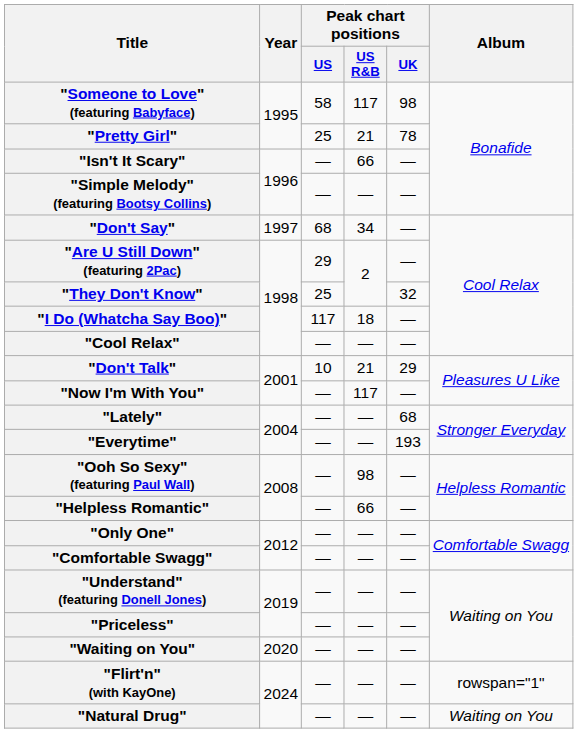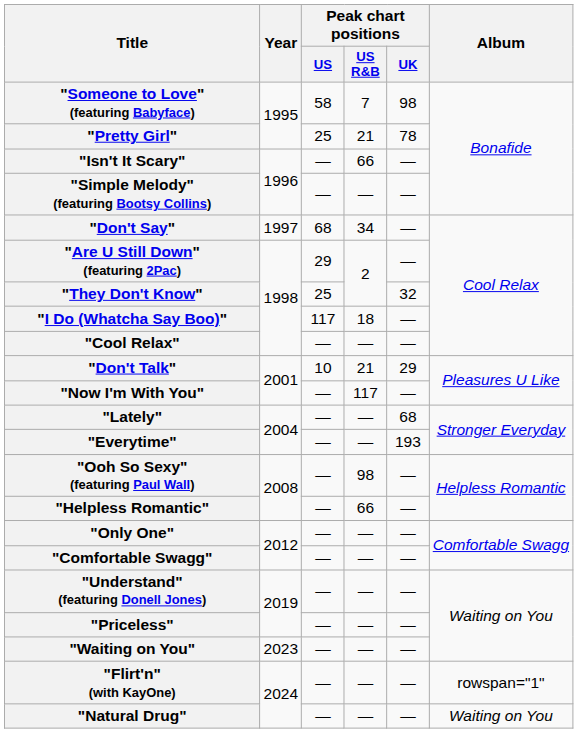 <table class="wikitable plainrowheaders" style="text-align: center;" border="1">
 <tr>
 <th scope="col" rowspan="2" style="width:16em;">Title</th>
 <th scope="col" rowspan="2" style="width:1em;">Year</th>
 <th scope="col" colspan="3">Peak chart positions</th>
 <th scope="col" rowspan="2">Album</th>
 </tr>
 <tr>
 <th scope="col" style="width:2.75em;font-size:85%;"><a href='#'>US</a><br></th>
 <th scope="col" style="width:2.75em;font-size:85%;"><a href='#'>US <br> R&B</a><br></th>
 <th scope="col" style="width:2.75em;font-size:85%;"><a href='#'>UK</a><br></th>
 </tr>
 <tr>
 <th scope="row">"<a href='#'>Someone to Love</a>" <br><small>(featuring <a href='#'>Babyface</a>)</small></th>
 <td rowspan="2">1995</td>
 <td>58</td>
-<td>117</td>
+<td>7</td>
 <td>98</td>
 <td rowspan="4"><em><a href='#'>Bonafide</a></em></td>
 </tr>
 <tr>
 <th scope="row">"<a href='#'>Pretty Girl</a>"</th>
 <td>25</td>
 <td>21</td>
 <td>78</td>
 </tr>
 <tr>
 <th scope="row">"Isn't It Scary"</th>
 <td rowspan="2" style="text-align:center;">1996</td>
 <td>—</td>
 <td>66</td>
 <td>—</td>
 </tr>
 <tr>
 <th scope="row">"Simple Melody" <br> <small>(featuring <a href='#'>Bootsy Collins</a>)</small></th>
 <td>—</td>
 <td>—</td>
 <td>—</td>
 </tr>
 <tr>
 <th scope="row">"<a href='#'>Don't Say</a>"</th>
 <td>1997</td>
 <td>68</td>
 <td>34</td>
 <td>—</td>
 <td rowspan="5"><em><a href='#'>Cool Relax</a></em></td>
 </tr>
 <tr>
 <th scope="row">"<a href='#'>Are U Still Down</a>" <br><small>(featuring <a href='#'>2Pac</a>)</small></th>
 <td rowspan="4">1998</td>
 <td>29 </td>
 <td rowspan="2">2</td>
 <td>—</td>
 </tr>
 <tr>
 <th scope="row">"<a href='#'>They Don't Know</a>"</th>
 <td>25</td>
 <td>32</td>
 </tr>
 <tr>
 <th scope="row">"<a href='#'>I Do (Whatcha Say Boo)</a>"</th>
 <td>117</td>
 <td>18</td>
 <td>—</td>
 </tr>
 <tr>
 <th scope="row">"Cool Relax"</th>
 <td>—</td>
 <td>—</td>
 <td>—</td>
 </tr>
 <tr>
 <th scope="row">"<a href='#'>Don't Talk</a>"</th>
 <td rowspan="2">2001</td>
 <td>10</td>
 <td>21</td>
 <td>29</td>
 <td rowspan="2"><em><a href='#'>Pleasures U Like</a></em></td>
 </tr>
 <tr>
 <th scope="row">"Now I'm With You"</th>
 <td>—</td>
 <td>117</td>
 <td>—</td>
 </tr>
 <tr>
 <th scope="row">"Lately"</th>
 <td rowspan="2">2004</td>
 <td>—</td>
 <td>—</td>
 <td>68</td>
 <td rowspan="2"><em><a href='#'>Stronger Everyday</a></em></td>
 </tr>
 <tr>
 <th scope="row">"Everytime"</th>
 <td>—</td>
 <td>—</td>
 <td>193</td>
 </tr>
 <tr>
 <th scope="row">"Ooh So Sexy" <br><small>(featuring <a href='#'>Paul Wall</a>)</small></th>
 <td rowspan="2">2008</td>
 <td>—</td>
 <td>98</td>
 <td>—</td>
 <td rowspan="2"><em><a href='#'>Helpless Romantic</a></em></td>
 </tr>
 <tr>
 <th scope="row">"Helpless Romantic"</th>
 <td>—</td>
 <td>66</td>
 <td>—</td>
 </tr>
 <tr>
 <th scope="row">"Only One"</th>
 <td rowspan="2">2012</td>
 <td>—</td>
 <td>—</td>
 <td>—</td>
 <td rowspan="2"><em><a href='#'>Comfortable Swagg</a></em></td>
 </tr>
 <tr>
 <th scope="row">"Comfortable Swagg"</th>
 <td>—</td>
 <td>—</td>
 <td>—</td>
 </tr>
 <tr>
 <th scope="row">"Understand" <br> <small>(featuring <a href='#'>Donell Jones</a>)</small></th>
 <td rowspan="2">2019</td>
 <td>—</td>
 <td>—</td>
 <td>—</td>
 <td rowspan="3"><em>Waiting on You</em></td>
 </tr>
 <tr>
 <th scope="row">"Priceless"</th>
 <td>—</td>
 <td>—</td>
 <td>—</td>
 </tr>
 <tr>
 <th scope="row">"Waiting on You"</th>
-<td rowspan="1">2020</td>
+<td rowspan="1">2023</td>
 <td>—</td>
 <td>—</td>
 <td>—</td>
 </tr>
 <tr>
 <th scope="row">"Flirt'n" <br> <small>(with KayOne)</small></th>
 <td rowspan="2">2024</td>
 <td>—</td>
 <td>—</td>
 <td>—</td>
 <td>rowspan="1" </td>
 </tr>
 <tr>
 <th scope="row">"Natural Drug"</th>
 <td>—</td>
 <td>—</td>
 <td>—</td>
 <td rowspan="1"><em>Waiting on You</em></td>
 </tr>
 </table>
